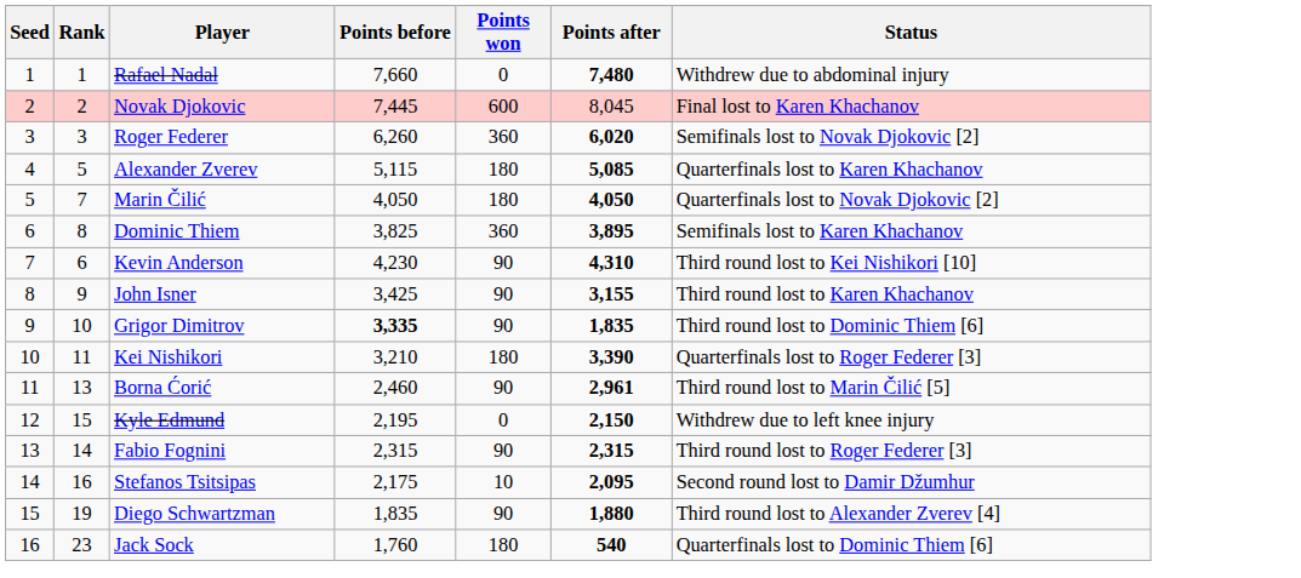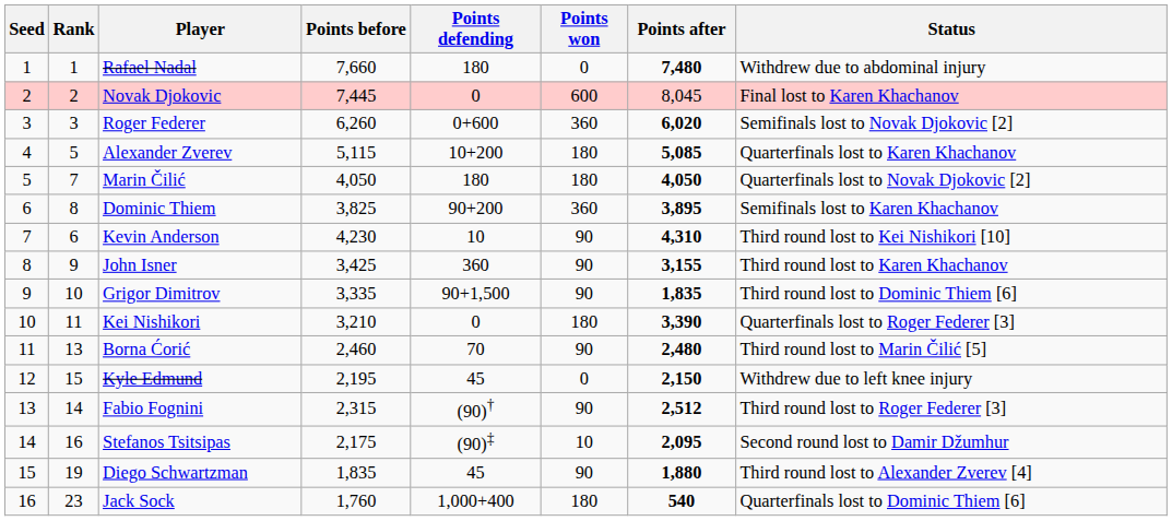 <table class="wikitable sortable">
 <tr>
 <th style="width:30px;">Seed</th>
 <th style="width:30px;">Rank</th>
 <th style="width:175px;">Player</th>
 <th style="width:90px;">Points before</th>
+<th style="width:110px;"><a href='#'>Points defending</a></th>
 <th style="width:70px;"><a href='#'>Points won</a></th>
 <th style="width:90px;">Points after</th>
 <th style="width:380px;">Status</th>
 </tr>
 <tr>
 <td style="text-align:center;">1</td>
 <td style="text-align:center;">1</td>
 <td> <s><a href='#'>Rafael Nadal</a></s></td>
 <td style="text-align:center;">7,660</td>
+<td style="text-align:center;">180</td>
 <td style="text-align:center;">0</td>
 <td style="text-align:center;"><strong>7,480</strong></td>
 <td>Withdrew due to abdominal injury</td>
 </tr>
 <tr style="background:#fcc;">
 <td style="text-align:center;">2</td>
 <td style="text-align:center;">2</td>
 <td> <a href='#'>Novak Djokovic</a></td>
 <td style="text-align:center;">7,445</td>
+<td style="text-align:center;">0</td>
 <td style="text-align:center;">600</td>
 <td style="text-align:center;">8,045</td>
 <td>Final lost to  <a href='#'>Karen Khachanov</a></td>
 </tr>
 <tr>
 <td style="text-align:center;">3</td>
 <td style="text-align:center;">3</td>
 <td> <a href='#'>Roger Federer</a></td>
 <td style="text-align:center;">6,260</td>
+<td style="text-align:center;">0+600</td>
 <td style="text-align:center;">360</td>
 <td style="text-align:center;"><strong>6,020</strong></td>
 <td>Semifinals lost to  <a href='#'>Novak Djokovic</a> [2]</td>
 </tr>
 <tr>
 <td style="text-align:center;">4</td>
 <td style="text-align:center;">5</td>
 <td> <a href='#'>Alexander Zverev</a></td>
 <td style="text-align:center;">5,115</td>
+<td style="text-align:center;">10+200</td>
 <td style="text-align:center;">180</td>
 <td style="text-align:center;"><strong>5,085</strong></td>
 <td>Quarterfinals lost to  <a href='#'>Karen Khachanov</a></td>
 </tr>
 <tr>
 <td style="text-align:center;">5</td>
 <td style="text-align:center;">7</td>
 <td> <a href='#'>Marin Čilić</a></td>
 <td style="text-align:center;">4,050</td>
 <td style="text-align:center;">180</td>
+<td style="text-align:center;">180</td>
 <td style="text-align:center;"><strong>4,050</strong></td>
 <td>Quarterfinals lost to  <a href='#'>Novak Djokovic</a> [2]</td>
 </tr>
 <tr>
 <td style="text-align:center;">6</td>
 <td style="text-align:center;">8</td>
 <td> <a href='#'>Dominic Thiem</a></td>
 <td style="text-align:center;">3,825</td>
+<td style="text-align:center;">90+200</td>
 <td style="text-align:center;">360</td>
 <td style="text-align:center;"><strong>3,895</strong></td>
 <td>Semifinals lost to  <a href='#'>Karen Khachanov</a></td>
 </tr>
 <tr>
 <td style="text-align:center;">7</td>
 <td style="text-align:center;">6</td>
 <td> <a href='#'>Kevin Anderson</a></td>
 <td style="text-align:center;">4,230</td>
+<td style="text-align:center;">10</td>
 <td style="text-align:center;">90</td>
 <td style="text-align:center;"><strong>4,310</strong></td>
 <td>Third round lost to  <a href='#'>Kei Nishikori</a> [10]</td>
 </tr>
 <tr>
 <td style="text-align:center;">8</td>
 <td style="text-align:center;">9</td>
 <td> <a href='#'>John Isner</a></td>
 <td style="text-align:center;">3,425</td>
+<td style="text-align:center;">360</td>
 <td style="text-align:center;">90</td>
 <td style="text-align:center;"><strong>3,155</strong></td>
 <td>Third round lost to  <a href='#'>Karen Khachanov</a></td>
 </tr>
 <tr>
 <td style="text-align:center;">9</td>
 <td style="text-align:center;">10</td>
 <td> <a href='#'>Grigor Dimitrov</a></td>
-<td style="text-align:center;"><strong>3,335</strong></td>
+<td style="text-align:center;">3,335</td>
+<td style="text-align:center;">90+1,500</td>
 <td style="text-align:center;">90</td>
 <td style="text-align:center;"><strong>1,835</strong></td>
 <td>Third round lost to  <a href='#'>Dominic Thiem</a> [6]</td>
 </tr>
 <tr>
 <td style="text-align:center;">10</td>
 <td style="text-align:center;">11</td>
 <td> <a href='#'>Kei Nishikori</a></td>
 <td style="text-align:center;">3,210</td>
+<td style="text-align:center;">0</td>
 <td style="text-align:center;">180</td>
 <td style="text-align:center;"><strong>3,390</strong></td>
 <td>Quarterfinals lost to  <a href='#'>Roger Federer</a> [3]</td>
 </tr>
 <tr>
 <td style="text-align:center;">11</td>
 <td style="text-align:center;">13</td>
 <td> <a href='#'>Borna Ćorić</a></td>
 <td style="text-align:center;">2,460</td>
+<td style="text-align:center;">70</td>
 <td style="text-align:center;">90</td>
-<td style="text-align:center;"><strong>2,961</strong></td>
+<td style="text-align:center;"><strong>2,480</strong></td>
 <td>Third round lost to  <a href='#'>Marin Čilić</a> [5]</td>
 </tr>
 <tr>
 <td style="text-align:center;">12</td>
 <td style="text-align:center;">15</td>
 <td> <s><a href='#'>Kyle Edmund</a></s></td>
 <td style="text-align:center;">2,195</td>
+<td style="text-align:center;">45</td>
 <td style="text-align:center;">0</td>
 <td style="text-align:center;"><strong>2,150</strong></td>
 <td>Withdrew due to left knee injury</td>
 </tr>
 <tr>
 <td style="text-align:center;">13</td>
 <td style="text-align:center;">14</td>
 <td> <a href='#'>Fabio Fognini</a></td>
 <td style="text-align:center;">2,315</td>
+<td style="text-align:center;">(90)<sup>†</sup></td>
 <td style="text-align:center;">90</td>
-<td style="text-align:center;"><strong>2,315</strong></td>
+<td style="text-align:center;"><strong>2,512</strong></td>
 <td>Third round lost to  <a href='#'>Roger Federer</a> [3]</td>
 </tr>
 <tr>
 <td style="text-align:center;">14</td>
 <td style="text-align:center;">16</td>
 <td> <a href='#'>Stefanos Tsitsipas</a></td>
 <td style="text-align:center;">2,175</td>
+<td style="text-align:center;">(90)<sup>‡</sup></td>
 <td style="text-align:center;">10</td>
 <td style="text-align:center;"><strong>2,095</strong></td>
 <td>Second round lost to  <a href='#'>Damir Džumhur</a></td>
 </tr>
 <tr>
 <td style="text-align:center;">15</td>
 <td style="text-align:center;">19</td>
 <td> <a href='#'>Diego Schwartzman</a></td>
 <td style="text-align:center;">1,835</td>
+<td style="text-align:center;">45</td>
 <td style="text-align:center;">90</td>
 <td style="text-align:center;"><strong>1,880</strong></td>
 <td>Third round lost to  <a href='#'>Alexander Zverev</a> [4]</td>
 </tr>
 <tr>
 <td style="text-align:center;">16</td>
 <td style="text-align:center;">23</td>
 <td> <a href='#'>Jack Sock</a></td>
 <td style="text-align:center;">1,760</td>
+<td style="text-align:center;">1,000+400</td>
 <td style="text-align:center;">180</td>
 <td style="text-align:center;"><strong>540</strong></td>
 <td>Quarterfinals lost to  <a href='#'>Dominic Thiem</a> [6]</td>
 </tr>
 </table>
